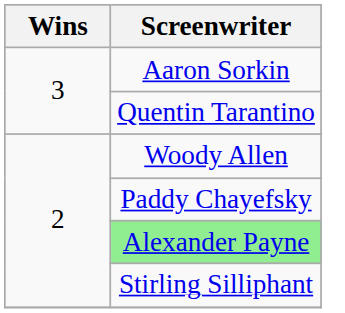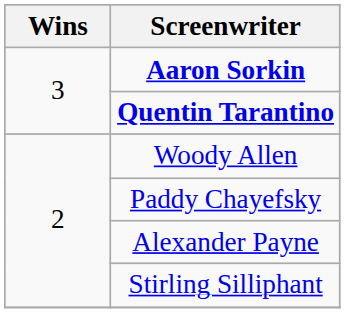 <table class="wikitable" style="text-align:center;">
 <tr>
 <th scope="col" width="55">Wins</th>
 <th scope="col" align="center">Screenwriter</th>
 </tr>
 <tr>
 <td rowspan=2 style="text-align:center;">3</td>
-<td><a href='#'>Aaron Sorkin</a></td>
+<td><strong><a href='#'>Aaron Sorkin</a></strong></td>
 </tr>
 <tr>
-<td><a href='#'>Quentin Tarantino</a></td>
+<td><strong><a href='#'>Quentin Tarantino</a></strong></td>
 </tr>
 <tr>
 <td rowspan=4 style="text-align:center;">2</td>
 <td><a href='#'>Woody Allen</a></td>
 </tr>
 <tr>
 <td><a href='#'>Paddy Chayefsky</a></td>
 </tr>
 <tr>
-<td style="background: lightgreen;"><a href='#'>Alexander Payne</a></td>
+<td><a href='#'>Alexander Payne</a></td>
 </tr>
 <tr>
 <td><a href='#'>Stirling Silliphant</a></td>
 </tr>
 <tr>
 </tr>
 </table>
